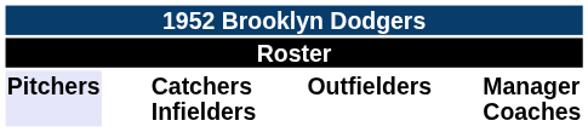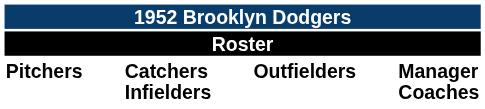 <table class="toccolours" style="font-size: 95%;">
 <tr>
 <th colspan="10" style="background-color: #083c6b; color: white; text-align: center;">1952 Brooklyn Dodgers</th>
 </tr>
 <tr>
 <td colspan="10" style="background-color: black; color: white; text-align: center;"><strong>Roster</strong></td>
 </tr>
 <tr>
-<td valign="top" style="background: lavender;"><strong>Pitchers</strong><br>                </td>
+<td valign="top"><strong>Pitchers</strong><br>                </td>
 <td width="25px"></td>
 <td valign="top"><strong>Catchers</strong><br>   <strong>Infielders</strong>       </td>
 <td width="25px"></td>
 <td valign="top"><strong>Outfielders</strong><br>       </td>
 <td width="25px"></td>
 <td valign="top"><strong>Manager</strong><br> <strong>Coaches</strong>    </td>
 </tr>
 </table>
